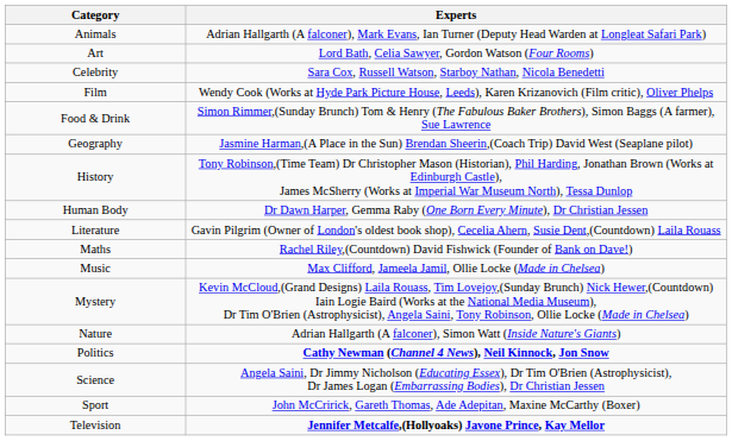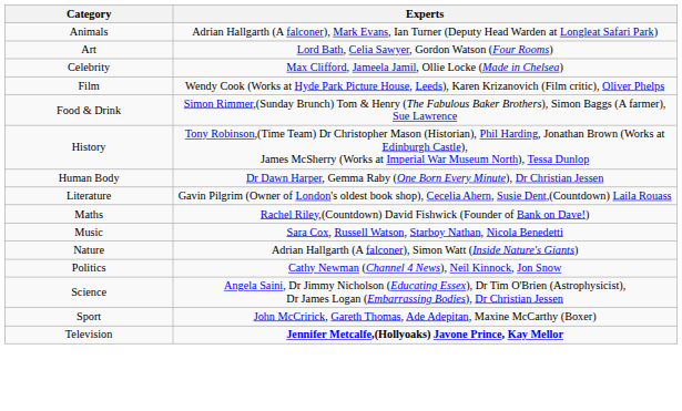 <table class="wikitable" width="75%" style="left: 0 auto; text-align: center;">
 <tr>
 <th width="25%">Category</th>
 <th width="75%">Experts</th>
 </tr>
 <tr>
 <td>Animals</td>
 <td>Adrian Hallgarth (A <a href='#'>falconer</a>), <a href='#'>Mark Evans</a>, Ian Turner (Deputy Head Warden at <a href='#'>Longleat Safari Park</a>)</td>
 </tr>
 <tr>
 <td>Art</td>
 <td><a href='#'>Lord Bath</a>, <a href='#'>Celia Sawyer</a>, Gordon Watson (<em><a href='#'>Four Rooms</a></em>)</td>
 </tr>
 <tr>
 <td>Celebrity</td>
-<td><a href='#'>Sara Cox</a>, <a href='#'>Russell Watson</a>, <a href='#'>Starboy Nathan</a>, <a href='#'>Nicola Benedetti</a></td>
+<td><a href='#'>Max Clifford</a>, <a href='#'>Jameela Jamil</a>, Ollie Locke (<em><a href='#'>Made in Chelsea</a></em>)</td>
 </tr>
 <tr>
 <td>Film</td>
 <td>Wendy Cook (Works at <a href='#'>Hyde Park Picture House</a>, <a href='#'>Leeds</a>), Karen Krizanovich (Film critic), <a href='#'>Oliver Phelps</a></td>
 </tr>
 <tr>
 <td>Food & Drink</td>
 <td><a href='#'>Simon Rimmer</a>,(Sunday Brunch) Tom & Henry (<em>The Fabulous Baker Brothers</em>), Simon Baggs (A farmer), <a href='#'>Sue Lawrence</a></td>
-</tr>
-<tr>
-<td>Geography</td>
-<td><a href='#'>Jasmine Harman</a>,(A Place in the Sun) <a href='#'>Brendan Sheerin</a>,(Coach Trip) David West (Seaplane pilot)</td>
 </tr>
 <tr>
 <td>History</td>
 <td><a href='#'>Tony Robinson</a>,(Time Team) Dr Christopher Mason (Historian), <a href='#'>Phil Harding</a>, Jonathan Brown (Works at <a href='#'>Edinburgh Castle</a>),<br>James McSherry (Works at <a href='#'>Imperial War Museum North</a>), <a href='#'>Tessa Dunlop</a></td>
 </tr>
 <tr>
 <td>Human Body</td>
 <td><a href='#'>Dr Dawn Harper</a>, Gemma Raby (<em><a href='#'>One Born Every Minute</a></em>), <a href='#'>Dr Christian Jessen</a></td>
 </tr>
 <tr>
 <td>Literature</td>
 <td>Gavin Pilgrim (Owner of <a href='#'>London</a>'s oldest book shop), <a href='#'>Cecelia Ahern</a>, <a href='#'>Susie Dent</a>,(Countdown) <a href='#'>Laila Rouass</a></td>
 </tr>
 <tr>
 <td>Maths</td>
 <td><a href='#'>Rachel Riley</a>,(Countdown) David Fishwick (Founder of <a href='#'>Bank on Dave!</a>)</td>
 </tr>
 <tr>
 <td>Music</td>
-<td><a href='#'>Max Clifford</a>, <a href='#'>Jameela Jamil</a>, Ollie Locke (<em><a href='#'>Made in Chelsea</a></em>)</td>
-</tr>
-<tr>
-<td>Mystery</td>
-<td><a href='#'>Kevin McCloud</a>,(Grand Designs) <a href='#'>Laila Rouass</a>, <a href='#'>Tim Lovejoy</a>,(Sunday Brunch) <a href='#'>Nick Hewer</a>,(Countdown) Iain Logie Baird (Works at the <a href='#'>National Media Museum</a>),<br>Dr Tim O'Brien (Astrophysicist), <a href='#'>Angela Saini</a>, <a href='#'>Tony Robinson</a>, Ollie Locke (<em><a href='#'>Made in Chelsea</a></em>)</td>
+<td><a href='#'>Sara Cox</a>, <a href='#'>Russell Watson</a>, <a href='#'>Starboy Nathan</a>, <a href='#'>Nicola Benedetti</a></td>
 </tr>
 <tr>
 <td>Nature</td>
 <td>Adrian Hallgarth (A <a href='#'>falconer</a>), Simon Watt (<em><a href='#'>Inside Nature's Giants</a></em>)</td>
 </tr>
 <tr>
 <td>Politics</td>
-<td><strong><a href='#'>Cathy Newman</a> (<em><a href='#'>Channel 4 News</a></em>), <a href='#'>Neil Kinnock</a>, <a href='#'>Jon Snow</a></strong></td>
+<td><a href='#'>Cathy Newman</a> (<em><a href='#'>Channel 4 News</a></em>), <a href='#'>Neil Kinnock</a>, <a href='#'>Jon Snow</a></td>
 </tr>
 <tr>
 <td>Science</td>
 <td><a href='#'>Angela Saini</a>, Dr Jimmy Nicholson (<em><a href='#'>Educating Essex</a></em>), Dr Tim O'Brien (Astrophysicist),<br>Dr James Logan (<em><a href='#'>Embarrassing Bodies</a></em>), <a href='#'>Dr Christian Jessen</a></td>
 </tr>
 <tr>
 <td>Sport</td>
 <td><a href='#'>John McCririck</a>, <a href='#'>Gareth Thomas</a>, <a href='#'>Ade Adepitan</a>, Maxine McCarthy (Boxer)</td>
 </tr>
 <tr>
 <td>Television</td>
 <td><strong><a href='#'>Jennifer Metcalfe</a>,(Hollyoaks) <a href='#'>Javone Prince</a>, <a href='#'>Kay Mellor</a></strong></td>
 </tr>
 </table>
